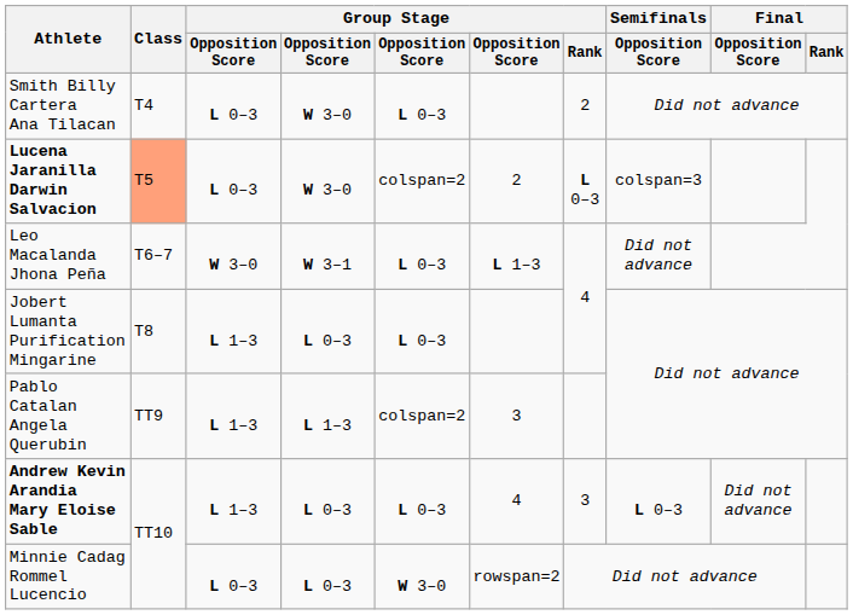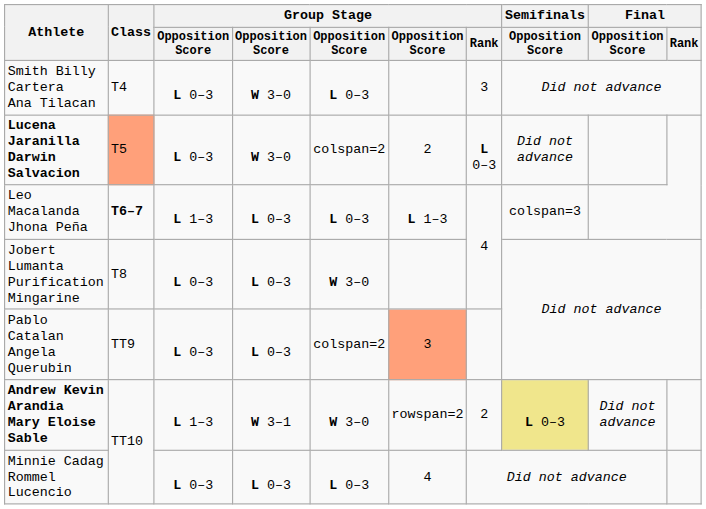 <table class="wikitable" style="font-size:90%; text-align:center">
 <tr>
 <th rowspan=2>Athlete</th>
 <th rowspan=2>Class</th>
 <th colspan=5>Group Stage</th>
 <th>Semifinals</th>
 <th colspan=2>Final</th>
 </tr>
 <tr style="font-size:90%">
 <th>Opposition<br>Score</th>
 <th>Opposition<br>Score</th>
 <th>Opposition<br>Score</th>
 <th>Opposition<br>Score</th>
 <th>Rank</th>
 <th>Opposition<br>Score</th>
 <th>Opposition<br>Score</th>
 <th>Rank</th>
 </tr>
 <tr align=center>
 <td align=left>Smith Billy Cartera<br>Ana Tilacan</td>
 <td align=left>T4</td>
 <td><br><strong>L</strong> 0–3</td>
 <td><br><strong>W</strong> 3–0</td>
 <td><br><strong>L</strong> 0–3</td>
 <td></td>
-<td>2</td>
+<td>3</td>
 <td colspan=3><em>Did not advance</em></td>
 </tr>
 <tr align=center>
 <td align=left><strong>Lucena Jaranilla<br>Darwin Salvacion</strong></td>
 <td align=left style="background: lightsalmon;">T5</td>
 <td><br><strong>L</strong> 0–3</td>
 <td><br><strong>W</strong> 3–0</td>
 <td>colspan=2 </td>
 <td>2</td>
 <td><br><strong>L</strong> 0–3</td>
-<td>colspan=3 </td>
+<td><em>Did not advance</em></td>
 <td></td>
 </tr>
 <tr align=center>
 <td align=left>Leo Macalanda<br>Jhona Peña</td>
-<td align=left>T6–7</td>
-<td><br><strong>W</strong> 3–0</td>
-<td><br><strong>W</strong> 3–1</td>
+<td align=left><strong>T6–7</strong></td>
+<td><br><strong>L</strong> 1–3</td>
+<td><br><strong>L</strong> 0–3</td>
 <td><br><strong>L</strong> 0–3</td>
 <td><br><strong>L</strong> 1–3</td>
 <td rowspan=2>4</td>
-<td><em>Did not advance</em></td>
+<td>colspan=3 </td>
 </tr>
 <tr align=center>
 <td align=left>Jobert Lumanta<br>Purification Mingarine</td>
 <td align=left>T8</td>
-<td><br><strong>L</strong> 1–3</td>
 <td><br><strong>L</strong> 0–3</td>
 <td><br><strong>L</strong> 0–3</td>
+<td><br><strong>W</strong> 3–0</td>
 <td></td>
 <td colspan=3 rowspan=2><em>Did not advance</em></td>
 </tr>
 <tr align=center>
 <td align=left>Pablo Catalan<br>Angela Querubin</td>
 <td align=left>TT9</td>
-<td><br><strong>L</strong> 1–3</td>
-<td><br><strong>L</strong> 1–3</td>
+<td><br><strong>L</strong> 0–3</td>
+<td><br><strong>L</strong> 0–3</td>
 <td>colspan=2 </td>
-<td>3</td>
+<td style="background: lightsalmon;">3</td>
 </tr>
 <tr align=center>
 <td align=left><strong>Andrew Kevin Arandia<br>Mary Eloise Sable</strong></td>
 <td rowspan=2 align=left>TT10</td>
 <td><br><strong>L</strong> 1–3</td>
-<td><br><strong>L</strong> 0–3</td>
-<td><br><strong>L</strong> 0–3</td>
-<td>4</td>
-<td>3</td>
-<td><br><strong>L</strong> 0–3</td>
+<td><br><strong>W</strong> 3–1</td>
+<td><br><strong>W</strong> 3–0</td>
+<td>rowspan=2 </td>
+<td>2</td>
+<td style="background: khaki;"><br><strong>L</strong> 0–3</td>
 <td><em>Did not advance</em></td>
 <td></td>
 </tr>
 <tr align=center>
 <td align=left>Minnie Cadag<br>Rommel Lucencio</td>
 <td><br><strong>L</strong> 0–3</td>
 <td><br><strong>L</strong> 0–3</td>
-<td><br><strong>W</strong> 3–0</td>
-<td>rowspan=2 </td>
+<td><br><strong>L</strong> 0–3</td>
+<td>4</td>
 <td colspan=3><em>Did not advance</em></td>
 </tr>
 </table>
